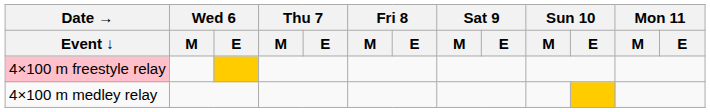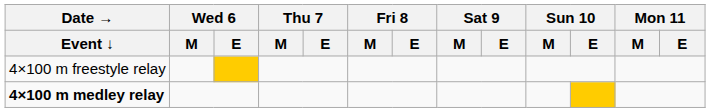 <table class="wikitable" style="margin:0.5em auto; font-size:95%; line-height:1.25em;">
 <tr style="text-align:center;">
 <th>Date →</th>
 <th colspan="2">Wed 6</th>
 <th colspan="2">Thu 7</th>
 <th colspan="2">Fri 8</th>
 <th colspan="2">Sat 9</th>
 <th colspan="2">Sun 10</th>
 <th colspan="2">Mon 11</th>
 </tr>
 <tr>
 <th>Event   ↓</th>
 <th style="width:2.5em;">M</th>
 <th style="width:2.5em;">E</th>
 <th style="width:2.5em;">M</th>
 <th style="width:2.5em;">E</th>
 <th style="width:2.5em;">M</th>
 <th style="width:2.5em;">E</th>
 <th style="width:2.5em;">M</th>
 <th style="width:2.5em;">E</th>
 <th style="width:2.5em;">M</th>
 <th style="width:2.5em;">E</th>
 <th style="width:2.5em;">M</th>
 <th style="width:2.5em;">E</th>
 </tr>
 <tr style="text-align:center;">
-<td style="background: pink; text-align:left;">4×100 m freestyle relay</td>
+<td style="text-align:left;">4×100 m freestyle relay</td>
 <td></td>
 <td style="background-color:#ffcc00;"></td>
 <td colspan="2"></td>
 <td colspan="2"></td>
 <td colspan="2"></td>
 <td colspan="2"></td>
 <td colspan="2"></td>
 </tr>
 <tr style="text-align:center;">
-<td style="text-align:left;">4×100 m medley relay</td>
+<td style="text-align:left;"><strong>4×100 m medley relay</strong></td>
 <td colspan="2"></td>
 <td colspan="2"></td>
 <td colspan="2"></td>
 <td colspan="2"></td>
 <td></td>
 <td style="background-color:#ffcc00;"></td>
 <td colspan="2"></td>
 </tr>
 </table>
